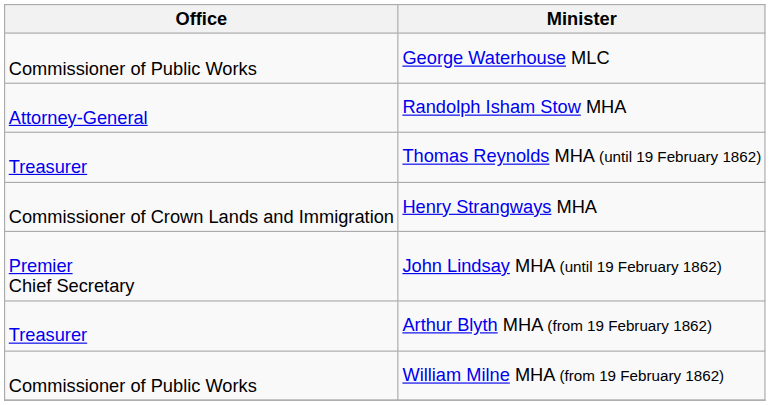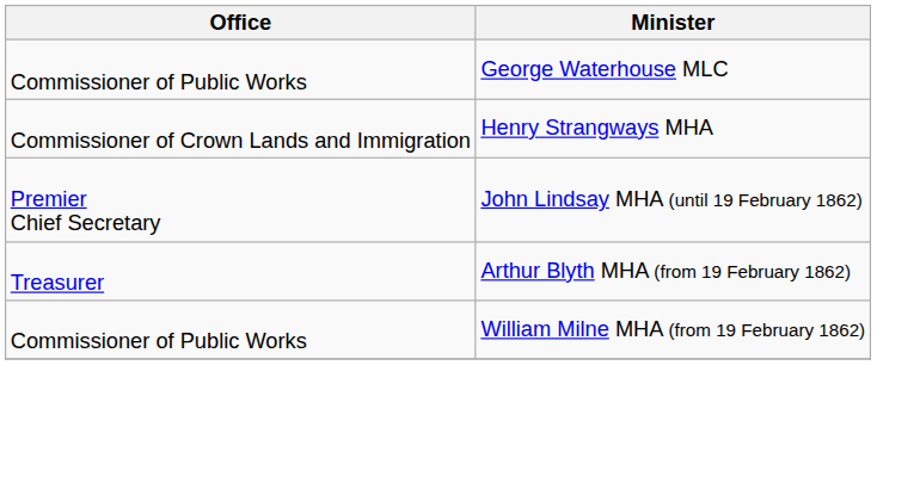 <table class="wikitable">
 <tr>
 <th>Office</th>
 <th>Minister</th>
 </tr>
 <tr>
 <td><br>Commissioner of Public Works<br></td>
 <td><a href='#'>George Waterhouse</a> MLC</td>
-</tr>
-<tr>
-<td><br><a href='#'>Attorney-General</a></td>
-<td><a href='#'>Randolph Isham Stow</a> MHA</td>
-</tr>
-<tr>
-<td><br><a href='#'>Treasurer</a></td>
-<td><a href='#'>Thomas Reynolds</a> MHA <small>(until 19 February 1862)</small></td>
 </tr>
 <tr>
 <td><br>Commissioner of Crown Lands and Immigration<br></td>
 <td><a href='#'>Henry Strangways</a> MHA</td>
 </tr>
 <tr>
 <td><br><a href='#'>Premier</a><br> Chief Secretary</td>
 <td><a href='#'>John Lindsay</a> MHA <small>(until 19 February 1862)</small></td>
 </tr>
 <tr>
 <td><br><a href='#'>Treasurer</a></td>
 <td><a href='#'>Arthur Blyth</a> MHA <small>(from 19 February 1862)</small></td>
 </tr>
 <tr>
 <td><br>Commissioner of Public Works<br></td>
 <td><a href='#'>William Milne</a> MHA <small>(from 19 February 1862)</small></td>
 </tr>
 <tr>
 </tr>
 </table>
